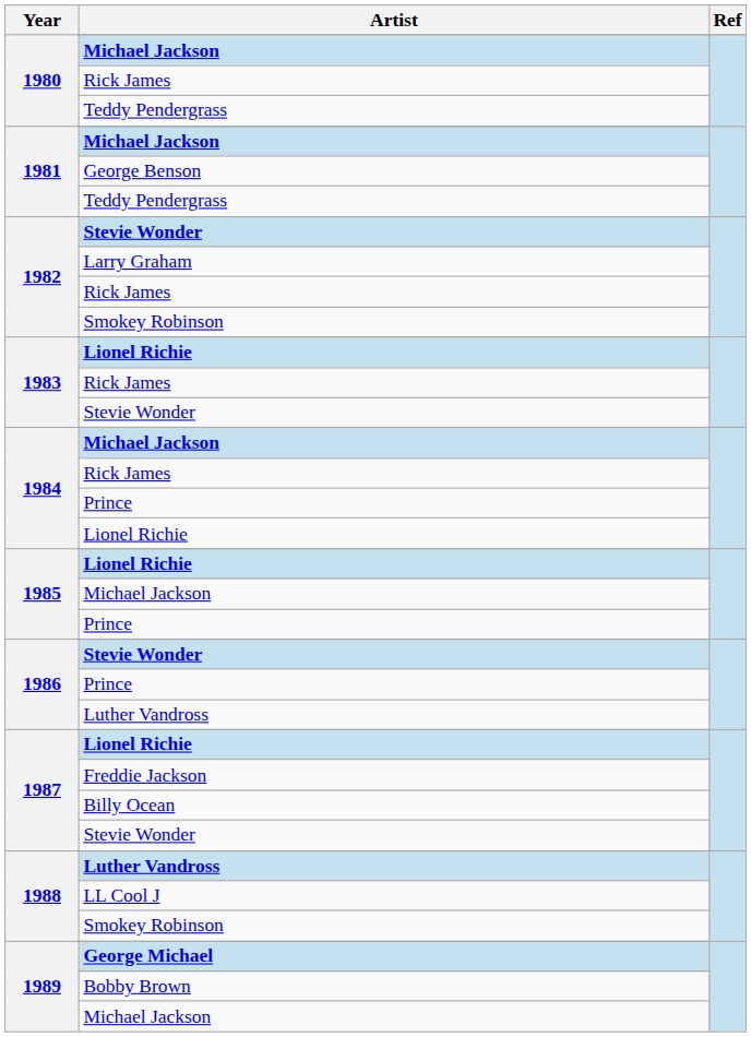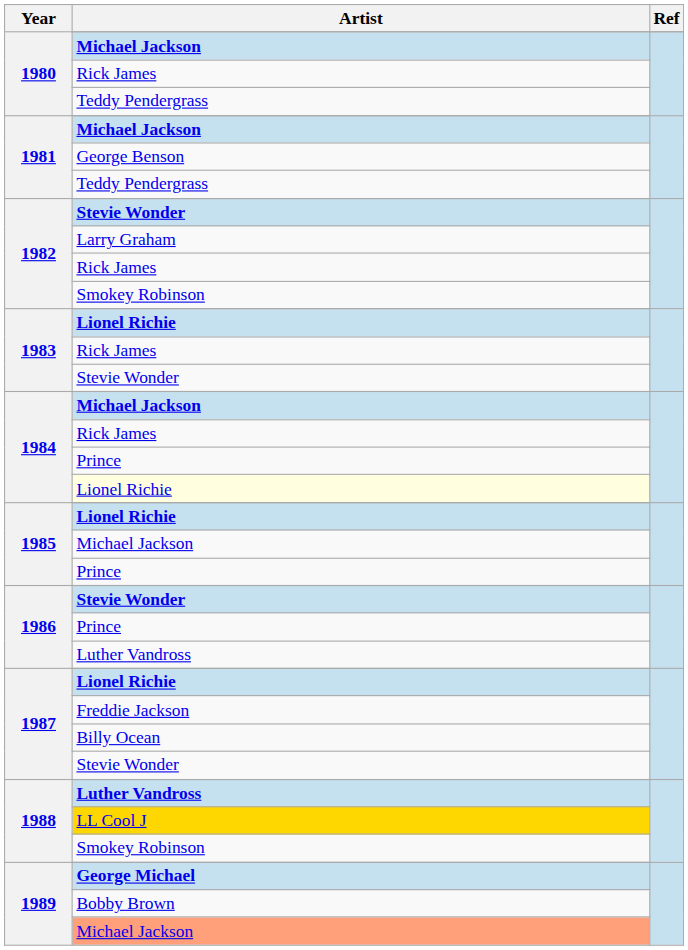 <table class="wikitable" width="100%">
 <tr>
 <th width="10%">Year</th>
 <th width="85%">Artist</th>
 <th width="5%">Ref</th>
 </tr>
 <tr>
 <th rowspan="4" align="center"><a href='#'>1980<br></a></th>
 </tr>
 <tr style="background:#c5e1f0">
 <td><strong><a href='#'>Michael Jackson</a></strong></td>
 <td rowspan="4" align="center"></td>
 </tr>
 <tr>
 <td><a href='#'>Rick James</a></td>
 </tr>
 <tr>
 <td><a href='#'>Teddy Pendergrass</a></td>
 </tr>
 <tr>
 <th rowspan="4" align="center"><a href='#'>1981<br></a></th>
 </tr>
 <tr style="background:#c5e1f0">
 <td><strong><a href='#'>Michael Jackson</a></strong></td>
 <td rowspan="4" align="center"></td>
 </tr>
 <tr>
 <td><a href='#'>George Benson</a></td>
 </tr>
 <tr>
 <td><a href='#'>Teddy Pendergrass</a></td>
 </tr>
 <tr>
 <th rowspan="5" align="center"><a href='#'>1982<br></a></th>
 </tr>
 <tr style="background:#c5e1f0">
 <td><strong><a href='#'>Stevie Wonder</a></strong></td>
 <td rowspan="5" align="center"></td>
 </tr>
 <tr>
 <td><a href='#'>Larry Graham</a></td>
 </tr>
 <tr>
 <td><a href='#'>Rick James</a></td>
 </tr>
 <tr>
 <td><a href='#'>Smokey Robinson</a></td>
 </tr>
 <tr>
 <th rowspan="4" align="center"><a href='#'>1983<br></a></th>
 </tr>
 <tr style="background:#c5e1f0">
 <td><strong><a href='#'>Lionel Richie</a></strong></td>
 <td rowspan="4" align="center"></td>
 </tr>
 <tr>
 <td><a href='#'>Rick James</a></td>
 </tr>
 <tr>
 <td><a href='#'>Stevie Wonder</a></td>
 </tr>
 <tr>
 <th rowspan="5" align="center"><a href='#'>1984<br></a></th>
 </tr>
 <tr style="background:#c5e1f0">
 <td><strong><a href='#'>Michael Jackson</a></strong></td>
 <td rowspan="5" align="center"></td>
 </tr>
 <tr>
 <td><a href='#'>Rick James</a></td>
 </tr>
 <tr>
 <td><a href='#'>Prince</a></td>
 </tr>
 <tr>
-<td><a href='#'>Lionel Richie</a></td>
+<td style="background: lightyellow;"><a href='#'>Lionel Richie</a></td>
 </tr>
 <tr>
 <th rowspan="4" align="center"><a href='#'>1985<br></a></th>
 </tr>
 <tr style="background:#c5e1f0">
 <td><strong><a href='#'>Lionel Richie</a></strong></td>
 <td rowspan="4" align="center"></td>
 </tr>
 <tr>
 <td><a href='#'>Michael Jackson</a></td>
 </tr>
 <tr>
 <td><a href='#'>Prince</a></td>
 </tr>
 <tr>
 <th rowspan="4" align="center"><a href='#'>1986<br></a></th>
 </tr>
 <tr style="background:#c5e1f0">
 <td><strong><a href='#'>Stevie Wonder</a></strong></td>
 <td rowspan="4" align="center"></td>
 </tr>
 <tr>
 <td><a href='#'>Prince</a></td>
 </tr>
 <tr>
 <td><a href='#'>Luther Vandross</a></td>
 </tr>
 <tr>
 <th rowspan="5" align="center"><a href='#'>1987<br></a></th>
 </tr>
 <tr style="background:#c5e1f0">
 <td><strong><a href='#'>Lionel Richie</a></strong></td>
 <td rowspan="5" align="center"></td>
 </tr>
 <tr>
 <td><a href='#'>Freddie Jackson</a></td>
 </tr>
 <tr>
 <td><a href='#'>Billy Ocean</a></td>
 </tr>
 <tr>
 <td><a href='#'>Stevie Wonder</a></td>
 </tr>
 <tr>
 <th rowspan="4" align="center"><a href='#'>1988<br></a></th>
 </tr>
 <tr style="background:#c5e1f0">
 <td><strong><a href='#'>Luther Vandross</a></strong></td>
 <td rowspan="4" align="center"></td>
 </tr>
 <tr>
-<td><a href='#'>LL Cool J</a></td>
+<td style="background: gold;"><a href='#'>LL Cool J</a></td>
 </tr>
 <tr>
 <td><a href='#'>Smokey Robinson</a></td>
 </tr>
 <tr>
 <th rowspan="4" align="center"><a href='#'>1989<br></a></th>
 </tr>
 <tr style="background:#c5e1f0">
 <td><strong><a href='#'>George Michael</a></strong></td>
 <td rowspan="4" align="center"></td>
 </tr>
 <tr>
 <td><a href='#'>Bobby Brown</a></td>
 </tr>
 <tr>
-<td><a href='#'>Michael Jackson</a></td>
+<td style="background: lightsalmon;"><a href='#'>Michael Jackson</a></td>
 </tr>
 </table>
